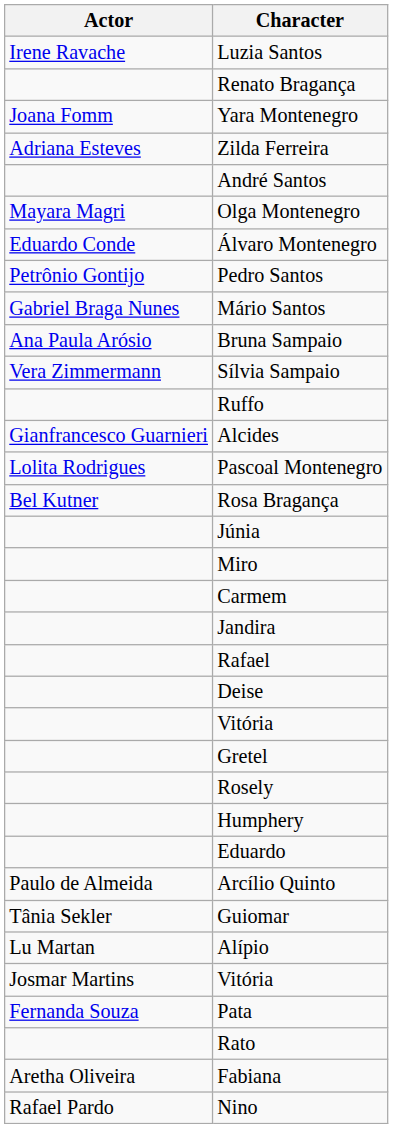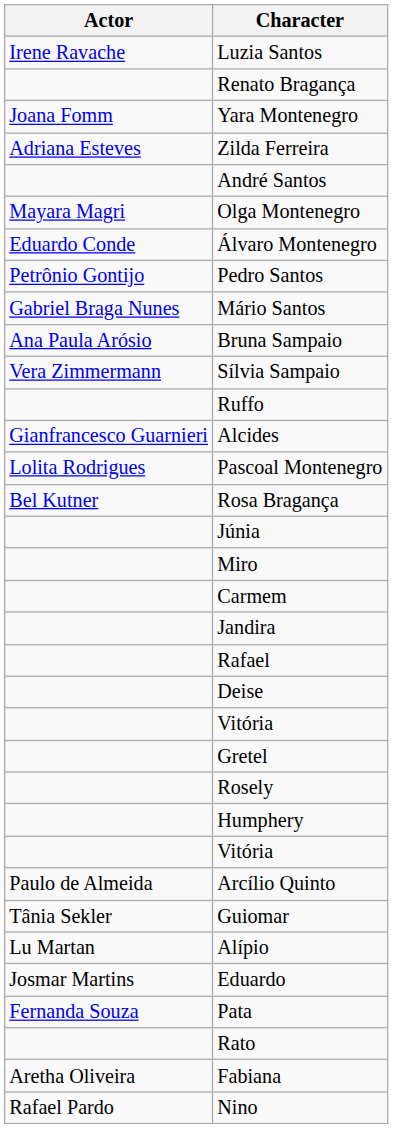 <table class="wikitable">
 <tr>
 <th>Actor</th>
 <th>Character</th>
 </tr>
 <tr>
 <td><a href='#'>Irene Ravache</a></td>
 <td>Luzia Santos</td>
 </tr>
 <tr>
 <td></td>
 <td>Renato Bragança</td>
 </tr>
 <tr>
 <td><a href='#'>Joana Fomm</a></td>
 <td>Yara Montenegro</td>
 </tr>
 <tr>
 <td><a href='#'>Adriana Esteves</a></td>
 <td>Zilda Ferreira</td>
 </tr>
 <tr>
 <td></td>
 <td>André Santos</td>
 </tr>
 <tr>
 <td><a href='#'>Mayara Magri</a></td>
 <td>Olga Montenegro</td>
 </tr>
 <tr>
 <td><a href='#'>Eduardo Conde</a></td>
 <td>Álvaro Montenegro</td>
 </tr>
 <tr>
 <td><a href='#'>Petrônio Gontijo</a></td>
 <td>Pedro Santos</td>
 </tr>
 <tr>
 <td><a href='#'>Gabriel Braga Nunes</a></td>
 <td>Mário Santos</td>
 </tr>
 <tr>
 <td><a href='#'>Ana Paula Arósio</a></td>
 <td>Bruna Sampaio</td>
 </tr>
 <tr>
 <td><a href='#'>Vera Zimmermann</a></td>
 <td>Sílvia Sampaio</td>
 </tr>
 <tr>
 <td></td>
 <td>Ruffo</td>
 </tr>
 <tr>
 <td><a href='#'>Gianfrancesco Guarnieri</a></td>
 <td>Alcides</td>
 </tr>
 <tr>
 <td><a href='#'>Lolita Rodrigues</a></td>
 <td>Pascoal Montenegro</td>
 </tr>
 <tr>
 <td><a href='#'>Bel Kutner</a></td>
 <td>Rosa Bragança</td>
 </tr>
 <tr>
 <td></td>
 <td>Júnia</td>
 </tr>
 <tr>
 <td></td>
 <td>Miro</td>
 </tr>
 <tr>
 <td></td>
 <td>Carmem</td>
 </tr>
 <tr>
 <td></td>
 <td>Jandira</td>
 </tr>
 <tr>
 <td></td>
 <td>Rafael</td>
 </tr>
 <tr>
 <td></td>
 <td>Deise</td>
 </tr>
 <tr>
 <td></td>
 <td>Vitória</td>
 </tr>
 <tr>
 <td></td>
 <td>Gretel</td>
 </tr>
 <tr>
 <td></td>
 <td>Rosely</td>
 </tr>
 <tr>
 <td></td>
 <td>Humphery</td>
 </tr>
 <tr>
 <td></td>
-<td>Eduardo</td>
+<td>Vitória</td>
 </tr>
 <tr>
 <td>Paulo de Almeida</td>
 <td>Arcílio Quinto</td>
 </tr>
 <tr>
 <td>Tânia Sekler</td>
 <td>Guiomar</td>
 </tr>
 <tr>
 <td>Lu Martan</td>
 <td>Alípio</td>
 </tr>
 <tr>
 <td>Josmar Martins</td>
-<td>Vitória</td>
+<td>Eduardo</td>
 </tr>
 <tr>
 <td><a href='#'>Fernanda Souza</a></td>
 <td>Pata</td>
 </tr>
 <tr>
 <td></td>
 <td>Rato</td>
 </tr>
 <tr>
 <td>Aretha Oliveira</td>
 <td>Fabiana</td>
 </tr>
 <tr>
 <td>Rafael Pardo</td>
 <td>Nino</td>
 </tr>
 </table>
